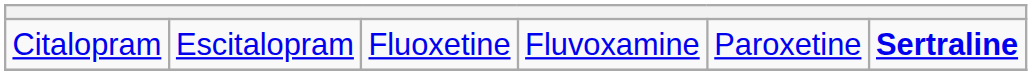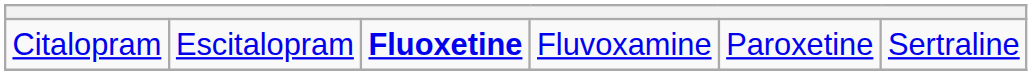 <table class="wikitable" style="font-size:smaller; text-align:center">
 <tr>
 <th colspan="7"></th>
 </tr>
 <tr>
 <td> <a href='#'>Citalopram</a></td>
 <td> <a href='#'>Escitalopram</a></td>
-<td> <a href='#'>Fluoxetine</a></td>
+<td><strong> <a href='#'>Fluoxetine</a></strong></td>
 <td> <a href='#'>Fluvoxamine</a></td>
 <td> <a href='#'>Paroxetine</a></td>
-<td><strong> <a href='#'>Sertraline</a></strong></td>
+<td> <a href='#'>Sertraline</a></td>
 </tr>
 <tr>
 </tr>
 </table>
